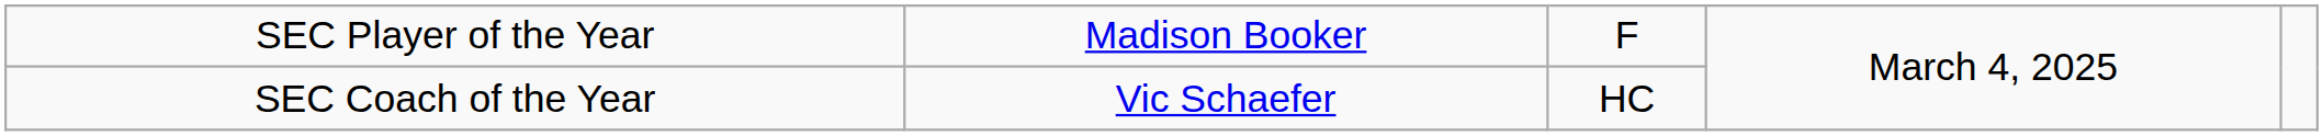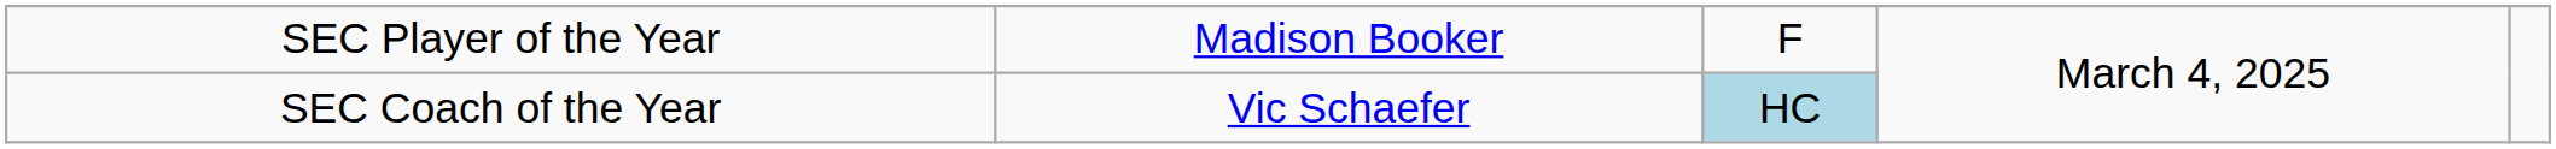 <table class="wikitable" style="width: 60%;text-align: center;">
 <tr align="center">
 <td>SEC Player of the Year</td>
 <td><a href='#'>Madison Booker</a></td>
 <td>F</td>
 <td rowspan="2">March 4, 2025</td>
 <td rowspan="2"></td>
 </tr>
 <tr align="center">
 <td>SEC Coach of the Year</td>
 <td><a href='#'>Vic Schaefer</a></td>
-<td>HC</td>
+<td style="background: lightblue;">HC</td>
 </tr>
 </table>
